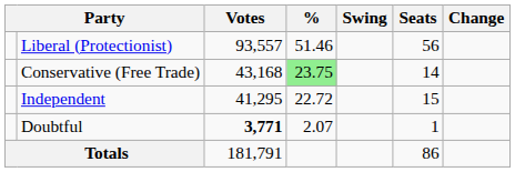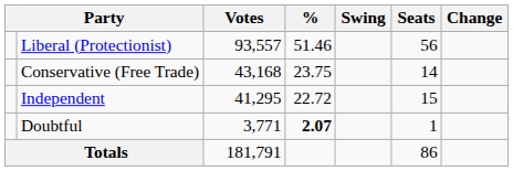 <table class="wikitable" style="text-align:right; margin-bottom:0">
 <tr>
 <th style="width:10px;" colspan=3>Party</th>
 <th style="width:70px;">Votes</th>
 <th style="width:40px;">%</th>
 <th style="width:40px;">Swing</th>
 <th style="width:40px;">Seats</th>
 <th style="width:40px;">Change</th>
 </tr>
 <tr>
 <td> </td>
 <td style="text-align:left;" colspan="2"><a href='#'>Liberal (Protectionist)</a></td>
 <td style="width:70px;">93,557</td>
 <td style="width:40px;">51.46</td>
 <td style="width:45px;"></td>
 <td style="width:40px;">56</td>
 <td style="width:55px;"></td>
 </tr>
 <tr>
 <td> </td>
 <td style="text-align:left;" colspan="2">Conservative (Free Trade)</td>
 <td style="width:70px;">43,168</td>
-<td style="background: lightgreen; width:40px;">23.75</td>
+<td style="width:40px;">23.75</td>
 <td style="width:45px;"></td>
 <td style="width:40px;">14</td>
 <td style="width:55px;"></td>
 </tr>
 <tr>
 <td> </td>
 <td style="text-align:left;" colspan="2"><a href='#'>Independent</a></td>
 <td style="width:70px;">41,295</td>
 <td style="width:40px;">22.72</td>
 <td style="width:45px;"></td>
 <td style="width:40px;">15</td>
 <td style="width:55px;"></td>
 </tr>
 <tr>
 <td> </td>
 <td style="text-align:left;" colspan="2">Doubtful</td>
-<td style="width:70px;"><strong>3,771</strong></td>
-<td style="width:40px;">2.07</td>
+<td style="width:70px;">3,771</td>
+<td style="width:40px;"><strong>2.07</strong></td>
 <td style="width:45px;"></td>
 <td style="width:40px;">1</td>
 <td style="width:55px;"></td>
 </tr>
 <tr>
 <th colspan="3"> Totals</th>
 <td>181,791</td>
 <td></td>
 <td></td>
 <td>86</td>
 <td></td>
 </tr>
 </table>
